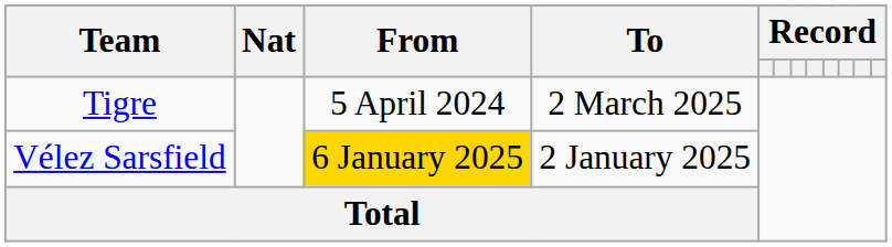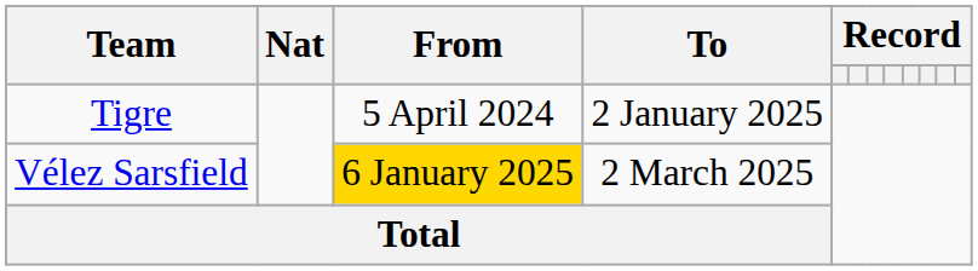 <table class="wikitable" tyle="text-align: center">
 <tr>
 <th rowspan="2">Team</th>
 <th rowspan="2">Nat</th>
 <th rowspan="2">From</th>
 <th rowspan="2">To</th>
 <th colspan="8">Record</th>
 </tr>
 <tr>
 <th></th>
 <th></th>
 <th></th>
 <th></th>
 <th></th>
 <th></th>
 <th></th>
 <th></th>
 </tr>
 <tr>
 <td align=center><a href='#'>Tigre</a></td>
 <td rowspan="2"></td>
 <td align=center>5 April 2024</td>
-<td align=center>2 March 2025<br></td>
+<td align=center>2 January 2025<br></td>
 </tr>
 <tr>
 <td align=center><a href='#'>Vélez Sarsfield</a></td>
 <td align=center style="background: gold;">6 January 2025</td>
-<td align=center>2 January 2025<br></td>
+<td align=center>2 March 2025<br></td>
 </tr>
 <tr>
 <th colspan="4">Total<br></th>
 </tr>
 </table>
